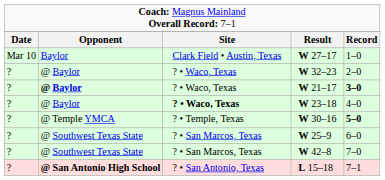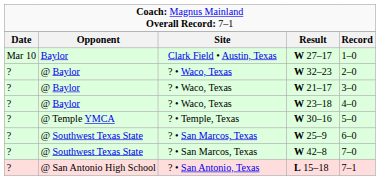 <table class="wikitable">
 <tr>
 <td colspan=8 style="text-align: center;"><strong>Coach:</strong> <a href='#'>Magnus Mainland</a><br><strong>Overall Record:</strong> 7–1</td>
 </tr>
 <tr>
 </tr>
 <tr>
 <th>Date</th>
 <th>Opponent</th>
 <th>Site</th>
 <th>Result</th>
 <th>Record</th>
 </tr>
 <tr style="background: #ddffdd;">
 <td>Mar 10</td>
 <td><a href='#'>Baylor</a></td>
 <td>   <a href='#'>Clark Field</a> • <a href='#'>Austin, Texas</a>   </td>
 <td>  <strong>W</strong> 27–17  </td>
 <td>1–0</td>
 </tr>
 <tr style="background: #ddffdd;">
 <td>?</td>
 <td>@ <a href='#'>Baylor</a></td>
 <td>   ? • <a href='#'>Waco, Texas</a>   </td>
 <td>  <strong>W</strong> 32–23  </td>
 <td>2–0</td>
 </tr>
 <tr style="background: #ddffdd;">
 <td>?</td>
-<td><strong>@ <a href='#'>Baylor</a></strong></td>
+<td>@ <a href='#'>Baylor</a></td>
 <td>   ? • Waco, Texas   </td>
 <td>  <strong>W</strong> 21–17  </td>
-<td><strong>3–0</strong></td>
+<td>3–0</td>
 </tr>
 <tr style="background: #ddffdd;">
 <td>?</td>
 <td>@ <a href='#'>Baylor</a></td>
-<td><strong>   ? • Waco, Texas   </strong></td>
+<td>   ? • Waco, Texas   </td>
 <td>  <strong>W</strong> 23–18  </td>
 <td>4–0</td>
 </tr>
 <tr style="background: #ddffdd;">
 <td>?</td>
 <td>@ Temple <a href='#'>YMCA</a></td>
 <td>   ? • Temple, Texas   </td>
 <td>  <strong>W</strong> 30–16  </td>
-<td><strong>5–0</strong></td>
+<td>5–0</td>
 </tr>
 <tr style="background: #ddffdd;">
 <td>?</td>
 <td>@ <a href='#'>Southwest Texas State</a></td>
 <td>   ? • <a href='#'>San Marcos, Texas</a>   </td>
 <td>  <strong>W</strong> 25–9  </td>
 <td>6–0</td>
 </tr>
 <tr style="background: #ddffdd;">
 <td>?</td>
 <td>@ <a href='#'>Southwest Texas State</a></td>
 <td>   ? • San Marcos, Texas   </td>
 <td>  <strong>W</strong> 42–8  </td>
 <td>7–0</td>
 </tr>
 <tr style="background: #ffdddd;">
 <td>?</td>
-<td><strong>@ San Antonio High School</strong></td>
+<td>@ San Antonio High School</td>
 <td>   ? • <a href='#'>San Antonio, Texas</a>   </td>
 <td>  <strong>L</strong> 15–18  </td>
 <td>7–1</td>
 </tr>
 </table>
